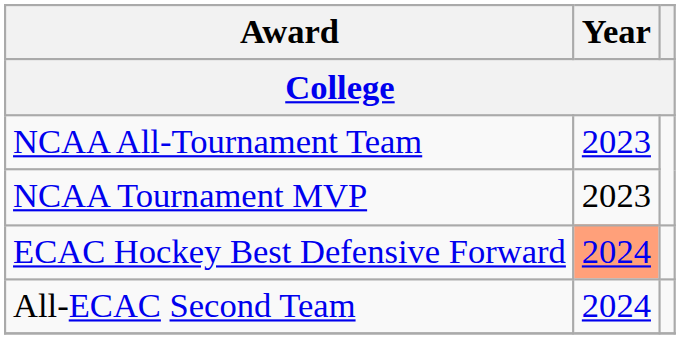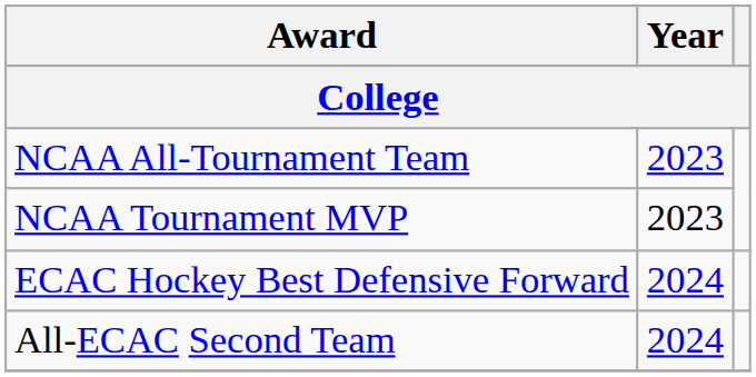 <table class="wikitable">
 <tr>
 <th>Award</th>
 <th>Year</th>
 <th></th>
 </tr>
 <tr>
 <th colspan="3"><a href='#'>College</a></th>
 </tr>
 <tr>
 <td><a href='#'>NCAA All-Tournament Team</a></td>
 <td><a href='#'>2023</a></td>
 <td rowspan="2"></td>
 </tr>
 <tr>
 <td><a href='#'>NCAA Tournament MVP</a></td>
 <td>2023</td>
 </tr>
 <tr>
 <td><a href='#'>ECAC Hockey Best Defensive Forward</a></td>
-<td style="background: lightsalmon;"><a href='#'>2024</a></td>
+<td><a href='#'>2024</a></td>
 <td></td>
 </tr>
 <tr>
 <td>All-<a href='#'>ECAC</a> <a href='#'>Second Team</a></td>
 <td><a href='#'>2024</a></td>
 <td></td>
 </tr>
 <tr>
 </tr>
 </table>
